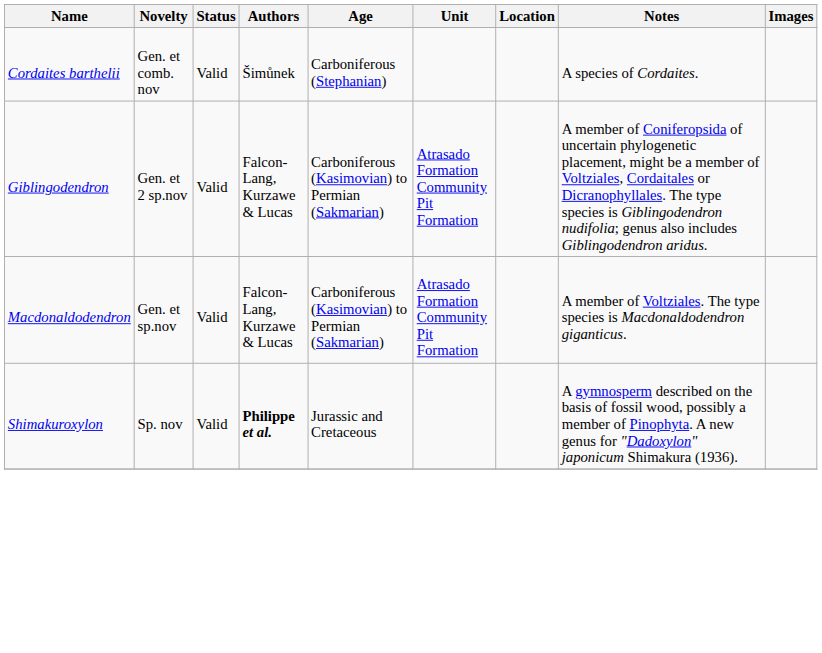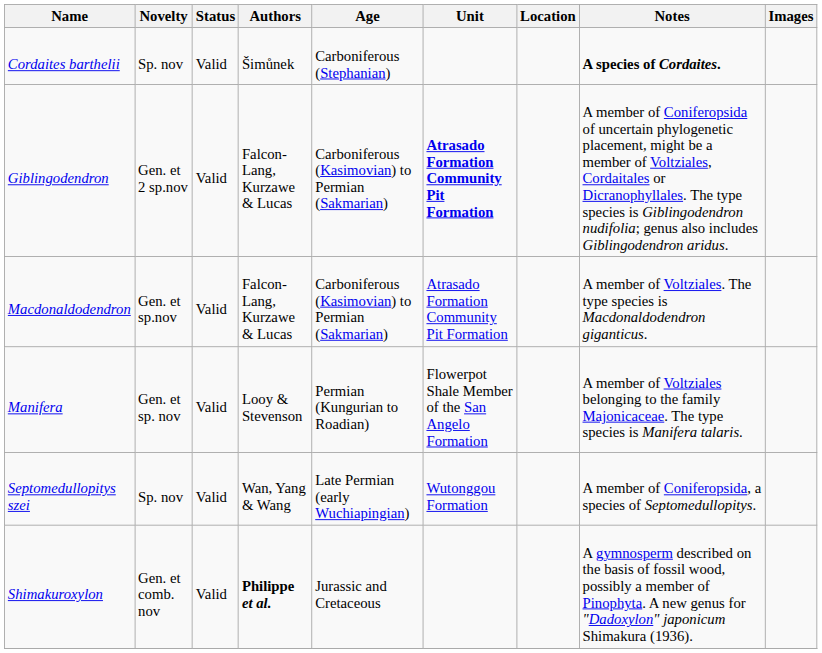 <table class="wikitable sortable" align="center" width="100%">
 <tr>
 <th>Name</th>
 <th>Novelty</th>
 <th>Status</th>
 <th>Authors</th>
 <th>Age</th>
 <th>Unit</th>
 <th>Location</th>
 <th>Notes</th>
 <th>Images</th>
 </tr>
 <tr>
 <td><br><em><a href='#'>Cordaites barthelii</a></em></td>
-<td><br>Gen. et comb. nov</td>
+<td><br>Sp. nov</td>
 <td><br>Valid</td>
 <td><br>Šimůnek</td>
 <td><br>Carboniferous (<a href='#'>Stephanian</a>)</td>
 <td></td>
 <td><br></td>
-<td><br>A species of <em>Cordaites</em>.</td>
+<td><strong><br>A species of <em>Cordaites</em>.</strong></td>
 <td></td>
 </tr>
 <tr>
 <td><br><em><a href='#'>Giblingodendron</a></em></td>
 <td><br>Gen. et 2 sp.nov</td>
 <td><br>Valid</td>
 <td><br>Falcon-Lang, Kurzawe & Lucas</td>
 <td><br>Carboniferous (<a href='#'>Kasimovian</a>) to Permian (<a href='#'>Sakmarian</a>)</td>
-<td><br><a href='#'>Atrasado Formation</a><br> <a href='#'>Community Pit Formation</a></td>
+<td><strong><br><a href='#'>Atrasado Formation</a><br> <a href='#'>Community Pit Formation</a></strong></td>
 <td><br></td>
 <td><br>A member of <a href='#'>Coniferopsida</a> of uncertain phylogenetic placement, might be a member of <a href='#'>Voltziales</a>, <a href='#'>Cordaitales</a> or <a href='#'>Dicranophyllales</a>. The type species is <em>Giblingodendron nudifolia</em>; genus also includes <em>Giblingodendron aridus</em>.</td>
 <td></td>
 </tr>
 <tr>
 <td><br><em><a href='#'>Macdonaldodendron</a></em></td>
 <td><br>Gen. et sp.nov</td>
 <td><br>Valid</td>
 <td><br>Falcon-Lang, Kurzawe & Lucas</td>
 <td><br>Carboniferous (<a href='#'>Kasimovian</a>) to Permian (<a href='#'>Sakmarian</a>)</td>
 <td><br><a href='#'>Atrasado Formation</a><br> <a href='#'>Community Pit Formation</a></td>
 <td><br></td>
 <td><br>A member of <a href='#'>Voltziales</a>. The type species is <em>Macdonaldodendron giganticus</em>.</td>
 <td></td>
 </tr>
 <tr>
+<td><br><em><a href='#'>Manifera</a></em></td>
+<td><br>Gen. et sp. nov</td>
+<td><br>Valid</td>
+<td><br>Looy & Stevenson</td>
+<td><br>Permian (Kungurian to Roadian)</td>
+<td><br>Flowerpot Shale Member of the <a href='#'>San Angelo Formation</a></td>
+<td><br></td>
+<td><br>A member of <a href='#'>Voltziales</a> belonging to the family <a href='#'>Majonicaceae</a>. The type species is <em>Manifera talaris</em>.</td>
+<td></td>
+</tr>
+<tr>
+<td><br><em><a href='#'>Septomedullopitys szei</a></em></td>
+<td><br>Sp. nov</td>
+<td><br>Valid</td>
+<td><br>Wan, Yang & Wang</td>
+<td><br>Late Permian (early <a href='#'>Wuchiapingian</a>)</td>
+<td><br><a href='#'>Wutonggou Formation</a></td>
+<td><br></td>
+<td><br>A member of <a href='#'>Coniferopsida</a>, a species of <em>Septomedullopitys</em>.</td>
+<td></td>
+</tr>
+<tr>
 <td><br><em><a href='#'>Shimakuroxylon</a></em></td>
-<td><br>Sp. nov</td>
+<td><br>Gen. et comb. nov</td>
 <td><br>Valid</td>
 <td><strong><br>Philippe <em>et al.</em></strong></td>
 <td><br>Jurassic and Cretaceous</td>
 <td></td>
 <td><br><br> <br> <br> <br> <br> </td>
 <td><br>A <a href='#'>gymnosperm</a> described on the basis of fossil wood, possibly a member of <a href='#'>Pinophyta</a>. A new genus for <em>"<a href='#'>Dadoxylon</a>" japonicum</em> Shimakura (1936).</td>
 <td></td>
 </tr>
 <tr>
 </tr>
 </table>
